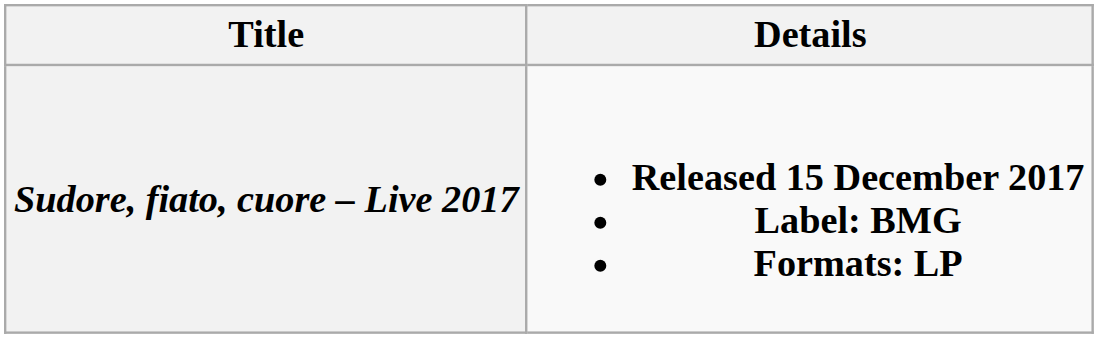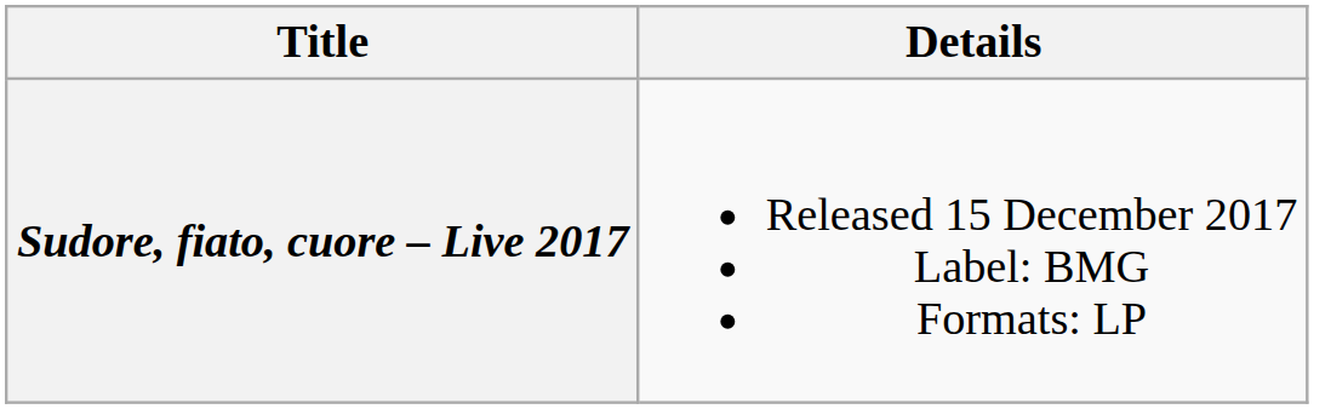 <table class="wikitable plainrowheaders" style="text-align:center;">
 <tr>
 <th scope="col">Title</th>
 <th scope="col">Details</th>
 </tr>
 <tr>
 <th scope="row"><em>Sudore, fiato, cuore – Live 2017</em></th>
-<td><strong><br><ul><li>Released 15 December 2017</li><li>Label: BMG</li><li>Formats: LP</li></ul></strong></td>
+<td><br><ul><li>Released 15 December 2017</li><li>Label: BMG</li><li>Formats: LP</li></ul></td>
 </tr>
 </table>
